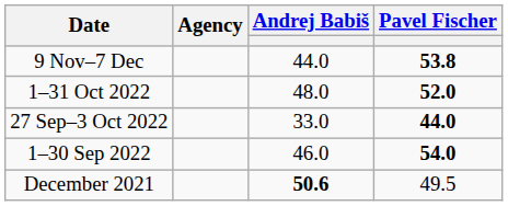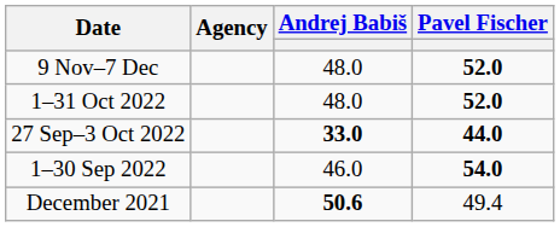 <table class="wikitable" style=text-align:center;font-size:85%;line-height:14px;">
 <tr>
 <th rowspan="2">Date</th>
 <th rowspan="2">Agency</th>
 <th><a href='#'>Andrej Babiš</a></th>
 <th><a href='#'>Pavel Fischer</a></th>
 </tr>
 <tr>
 <th style="background:"></th>
 <th style="background:"></th>
 </tr>
 <tr>
 <td>9 Nov–7 Dec</td>
 <td></td>
-<td>44.0</td>
-<td><strong>53.8</strong></td>
+<td>48.0</td>
+<td><strong>52.0</strong></td>
 </tr>
 <tr>
 <td>1–31 Oct 2022</td>
 <td></td>
 <td>48.0</td>
 <td><strong>52.0</strong></td>
 </tr>
 <tr>
 <td>27 Sep–3 Oct 2022</td>
 <td></td>
-<td>33.0</td>
+<td><strong>33.0</strong></td>
 <td><strong>44.0</strong></td>
 </tr>
 <tr>
 <td>1–30 Sep 2022</td>
 <td></td>
 <td>46.0</td>
 <td><strong>54.0</strong></td>
 </tr>
 <tr>
 <td>December 2021</td>
 <td></td>
 <td><strong>50.6</strong></td>
-<td>49.5</td>
+<td>49.4</td>
 </tr>
 </table>
